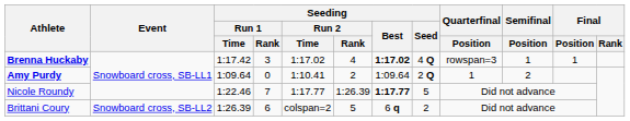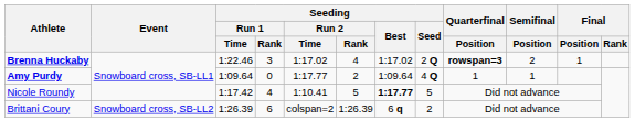 <table class=wikitable style=font-size:90%;text-align:center>
 <tr>
 <th rowspan=3>Athlete</th>
 <th rowspan=3>Event</th>
 <th colspan=6>Seeding</th>
 <th rowspan=2>Quarterfinal</th>
 <th rowspan=2>Semifinal</th>
 <th colspan=2 rowspan=2>Final</th>
 </tr>
 <tr style=font-size:95%>
 <th colspan=2>Run 1</th>
 <th colspan=2>Run 2</th>
 <th rowspan=2>Best</th>
 <th rowspan=2>Seed</th>
 </tr>
 <tr style=font-size:95%>
 <th>Time</th>
 <th>Rank</th>
 <th>Time</th>
 <th>Rank</th>
 <th>Position</th>
 <th>Position</th>
 <th>Position</th>
 <th>Rank</th>
 </tr>
 <tr>
 <td align=left><strong><a href='#'>Brenna Huckaby</a></strong></td>
 <td align=left rowspan=3><a href='#'>Snowboard cross, SB-LL1</a></td>
-<td>1:17.42</td>
+<td>1:22.46</td>
 <td>3</td>
 <td>1:17.02</td>
 <td>4</td>
-<td><strong>1:17.02</strong></td>
-<td>4 <strong>Q</strong></td>
-<td>rowspan=3 </td>
-<td>1</td>
+<td>1:17.02</td>
+<td>2 <strong>Q</strong></td>
+<td><strong>rowspan=3 </strong></td>
+<td>2</td>
 <td>1</td>
 <td></td>
 </tr>
 <tr>
 <td align=left><strong><a href='#'>Amy Purdy</a></strong></td>
 <td>1:09.64</td>
 <td>0</td>
-<td>1:10.41</td>
+<td>1:17.77</td>
 <td>2</td>
 <td>1:09.64</td>
-<td>2 <strong>Q</strong></td>
+<td>4 <strong>Q</strong></td>
 <td>1</td>
-<td>2</td>
+<td>1</td>
 <td></td>
 </tr>
 <tr>
 <td align=left><a href='#'>Nicole Roundy</a></td>
-<td>1:22.46</td>
-<td>7</td>
-<td>1:17.77</td>
-<td>1:26.39</td>
+<td>1:17.42</td>
+<td>4</td>
+<td>1:10.41</td>
+<td>5</td>
 <td><strong>1:17.77</strong></td>
 <td>5</td>
 <td colspan="3">Did not advance</td>
 </tr>
 <tr>
 <td align=left><a href='#'>Brittani Coury</a></td>
 <td align=left><a href='#'>Snowboard cross, SB-LL2</a></td>
 <td>1:26.39</td>
 <td>6</td>
 <td>colspan=2 </td>
-<td>5</td>
+<td>1:26.39</td>
 <td>6 <strong>q</strong></td>
 <td>2</td>
 <td colspan="3">Did not advance</td>
 </tr>
 </table>
